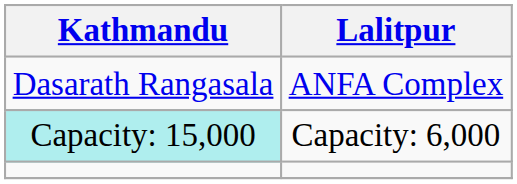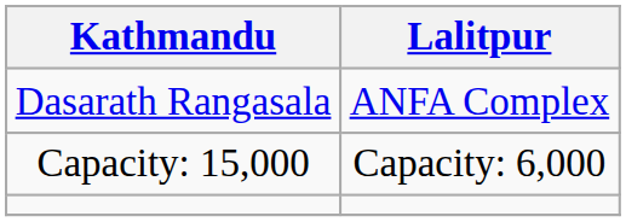 <table class="wikitable" style="text-align:center">
 <tr>
 <th><a href='#'>Kathmandu</a></th>
 <th><a href='#'>Lalitpur</a></th>
 </tr>
 <tr>
 <td><a href='#'>Dasarath Rangasala</a></td>
 <td><a href='#'>ANFA Complex</a></td>
 </tr>
 <tr>
-<td style="background: paleturquoise;">Capacity: 15,000</td>
+<td>Capacity: 15,000</td>
 <td>Capacity: 6,000</td>
 </tr>
 <tr>
 <td></td>
 <td></td>
 </tr>
 <tr>
 </tr>
 </table>
